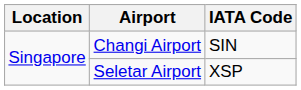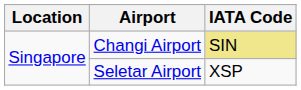 <table class="wikitable">
 <tr>
 <th>Location</th>
 <th>Airport</th>
 <th>IATA Code</th>
 </tr>
 <tr>
 <td rowspan=2><a href='#'>Singapore</a></td>
 <td><a href='#'>Changi Airport</a></td>
-<td>SIN</td>
+<td style="background: khaki;">SIN</td>
 </tr>
 <tr>
 <td><a href='#'>Seletar Airport</a></td>
 <td>XSP</td>
 </tr>
 </table>
